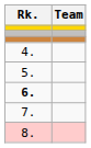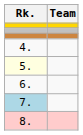 <table class="wikitable" style="border:1px solid #AAAAAA;font-size:90%">
 <tr bgcolor="#E4E4E4">
 <th style="border-bottom:1px solid #AAAAAA" width=40>Rk.</th>
 <th style="border-bottom:1px solid #AAAAAA">Team</th>
 </tr>
 <tr style="background:#ffd700;">
 <td align=center></td>
 <td></td>
 </tr>
 <tr style="background:#c0c0c0;">
 <td align=center></td>
 <td></td>
 </tr>
 <tr style="background:#CD853F;">
 <td align=center></td>
 <td></td>
 </tr>
 <tr>
 <td align=center>4.</td>
 <td></td>
 </tr>
 <tr>
-<td align=center>5.</td>
+<td align=center style="background: lightyellow;">5.</td>
 <td></td>
 </tr>
 <tr>
-<td align=center><strong>6.</strong></td>
+<td align=center>6.</td>
 <td></td>
 </tr>
 <tr>
-<td align=center>7.</td>
+<td align=center style="background: lightblue;">7.</td>
 <td></td>
 </tr>
 <tr style="background:#ffcccc;">
 <td align=center>8.</td>
 <td></td>
 </tr>
 </table>
